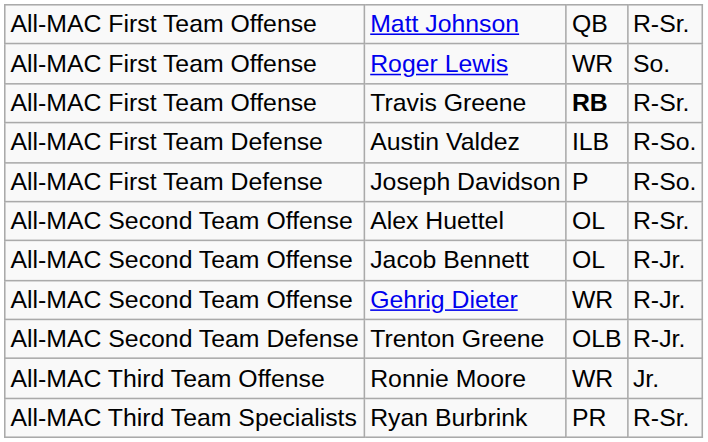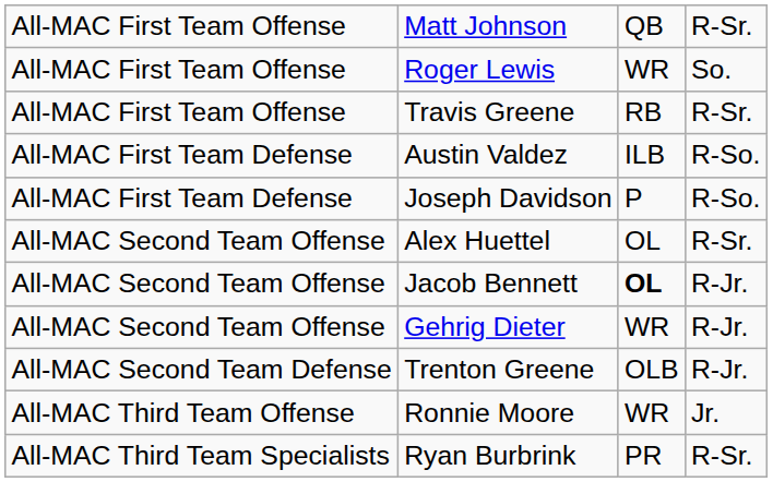 <table class="wikitable">
 <tr>
 <td>All-MAC First Team Offense</td>
 <td><a href='#'>Matt Johnson</a></td>
 <td>QB</td>
 <td>R-Sr.</td>
 </tr>
 <tr>
 <td>All-MAC First Team Offense</td>
 <td><a href='#'>Roger Lewis</a></td>
 <td>WR</td>
 <td>So.</td>
 </tr>
 <tr>
 <td>All-MAC First Team Offense</td>
 <td>Travis Greene</td>
-<td><strong>RB</strong></td>
+<td>RB</td>
 <td>R-Sr.</td>
 </tr>
 <tr>
 <td>All-MAC First Team Defense</td>
 <td>Austin Valdez</td>
 <td>ILB</td>
 <td>R-So.</td>
 </tr>
 <tr>
 <td>All-MAC First Team Defense</td>
 <td>Joseph Davidson</td>
 <td>P</td>
 <td>R-So.</td>
 </tr>
 <tr>
 <td>All-MAC Second Team Offense</td>
 <td>Alex Huettel</td>
 <td>OL</td>
 <td>R-Sr.</td>
 </tr>
 <tr>
 <td>All-MAC Second Team Offense</td>
 <td>Jacob Bennett</td>
-<td>OL</td>
+<td><strong>OL</strong></td>
 <td>R-Jr.</td>
 </tr>
 <tr>
 <td>All-MAC Second Team Offense</td>
 <td><a href='#'>Gehrig Dieter</a></td>
 <td>WR</td>
 <td>R-Jr.</td>
 </tr>
 <tr>
 <td>All-MAC Second Team Defense</td>
 <td>Trenton Greene</td>
 <td>OLB</td>
 <td>R-Jr.</td>
 </tr>
 <tr>
 <td>All-MAC Third Team Offense</td>
 <td>Ronnie Moore</td>
 <td>WR</td>
 <td>Jr.</td>
 </tr>
 <tr>
 <td>All-MAC Third Team Specialists</td>
 <td>Ryan Burbrink</td>
 <td>PR</td>
 <td>R-Sr.</td>
 </tr>
 </table>
